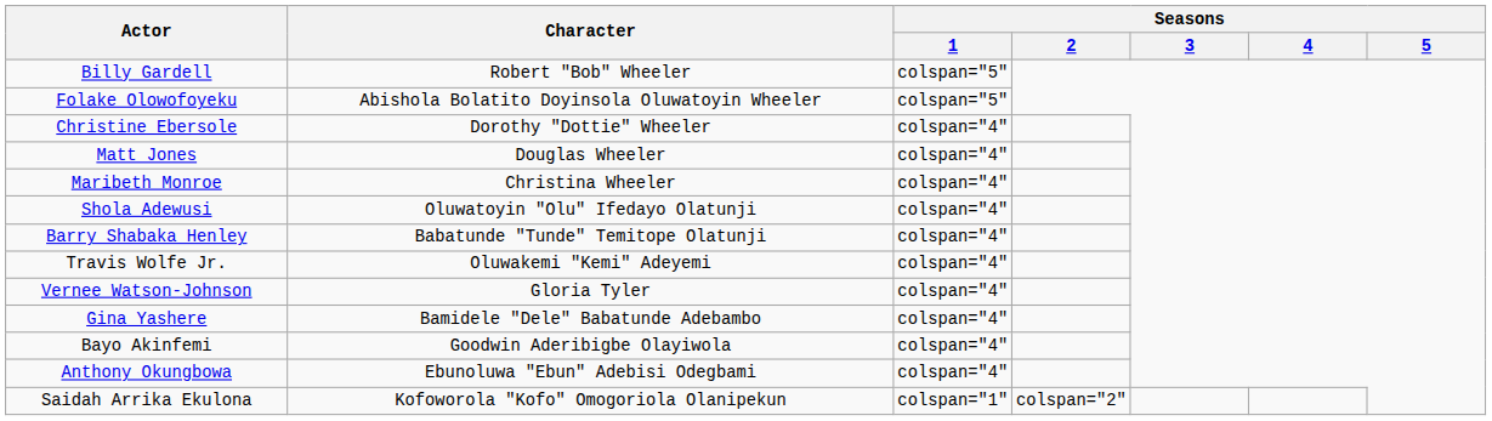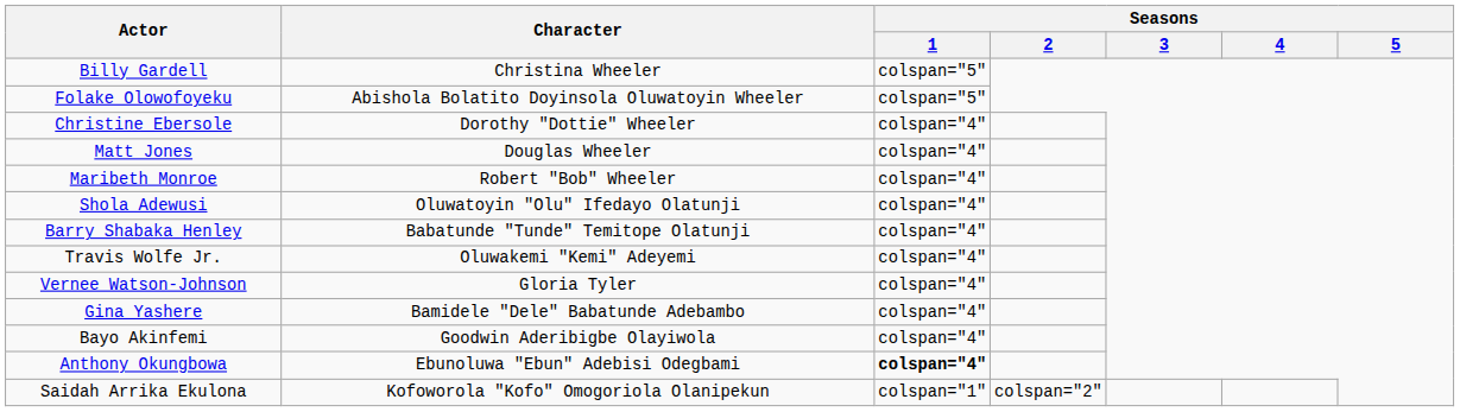 <table class="wikitable plainrowheaders" style="text-align:center;">
 <tr>
 <th rowspan="2" scope="col">Actor</th>
 <th rowspan="2" scope="col">Character</th>
 <th scope="col" colspan="5">Seasons</th>
 </tr>
 <tr>
 <th scope="col" style="width:8%;"><a href='#'>1</a></th>
 <th scope="col" style="width:8%;"><a href='#'>2</a></th>
 <th scope="col" style="width:8%;"><a href='#'>3</a></th>
 <th scope="col" style="width:8%;"><a href='#'>4</a></th>
 <th scope="col" style="width:8%;"><a href='#'>5</a></th>
 </tr>
 <tr>
 <td><a href='#'>Billy Gardell</a></td>
-<td>Robert "Bob" Wheeler</td>
+<td>Christina Wheeler</td>
 <td>colspan="5" </td>
 </tr>
 <tr>
 <td><a href='#'>Folake Olowofoyeku</a></td>
 <td>Abishola Bolatito Doyinsola Oluwatoyin Wheeler</td>
 <td>colspan="5" </td>
 </tr>
 <tr>
 <td><a href='#'>Christine Ebersole</a></td>
 <td>Dorothy "Dottie" Wheeler</td>
 <td>colspan="4" </td>
 <td></td>
 </tr>
 <tr>
 <td><a href='#'>Matt Jones</a></td>
 <td>Douglas Wheeler</td>
 <td>colspan="4" </td>
 <td></td>
 </tr>
 <tr>
 <td><a href='#'>Maribeth Monroe</a></td>
-<td>Christina Wheeler</td>
+<td>Robert "Bob" Wheeler</td>
 <td>colspan="4" </td>
 <td></td>
 </tr>
 <tr>
 <td><a href='#'>Shola Adewusi</a></td>
 <td>Oluwatoyin "Olu" Ifedayo Olatunji</td>
 <td>colspan="4" </td>
 <td></td>
 </tr>
 <tr>
 <td><a href='#'>Barry Shabaka Henley</a></td>
 <td>Babatunde "Tunde" Temitope Olatunji</td>
 <td>colspan="4" </td>
 <td></td>
 </tr>
 <tr>
 <td>Travis Wolfe Jr.</td>
 <td>Oluwakemi "Kemi" Adeyemi</td>
 <td>colspan="4" </td>
 <td></td>
 </tr>
 <tr>
 <td><a href='#'>Vernee Watson-Johnson</a></td>
 <td>Gloria Tyler</td>
 <td>colspan="4" </td>
 <td></td>
 </tr>
 <tr>
 <td><a href='#'>Gina Yashere</a></td>
 <td>Bamidele "Dele" Babatunde Adebambo</td>
 <td>colspan="4" </td>
 <td></td>
 </tr>
 <tr>
 <td>Bayo Akinfemi</td>
 <td>Goodwin Aderibigbe Olayiwola</td>
 <td>colspan="4" </td>
 <td></td>
 </tr>
 <tr>
 <td><a href='#'>Anthony Okungbowa</a></td>
 <td>Ebunoluwa "Ebun" Adebisi Odegbami</td>
-<td>colspan="4" </td>
+<td><strong>colspan="4" </strong></td>
 <td></td>
 </tr>
 <tr>
 <td>Saidah Arrika Ekulona</td>
 <td>Kofoworola "Kofo" Omogoriola Olanipekun</td>
 <td>colspan="1" </td>
 <td>colspan="2"</td>
 <td></td>
 <td></td>
 </tr>
 </table>
